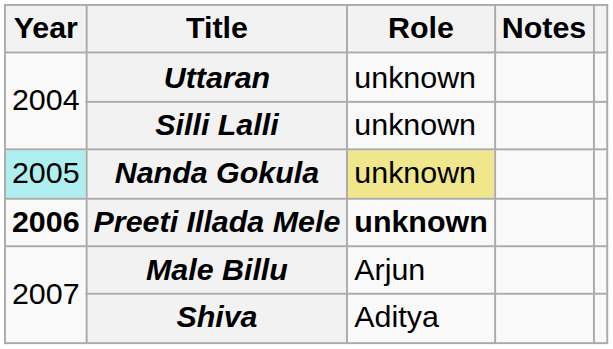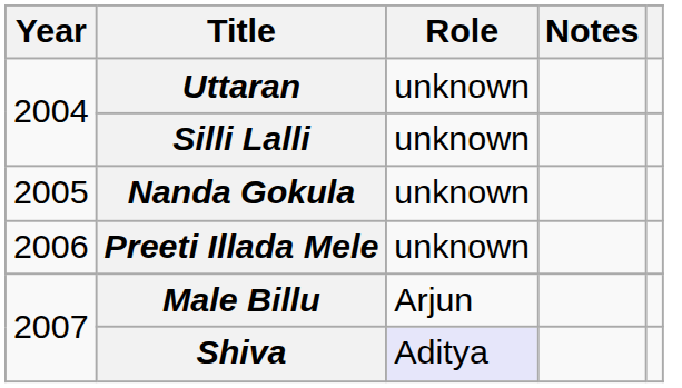 <table class="wikitable sortable plainrowheaders">
 <tr style="text-align:center;">
 <th scope="col">Year</th>
 <th scope="col">Title</th>
 <th scope="col">Role</th>
 <th class="unsortable" scope="col">Notes</th>
 <th class="unsortable" scope="col"></th>
 </tr>
 <tr>
 <td rowspan="2">2004</td>
 <th scope="row"><em>Uttaran</em></th>
 <td>unknown</td>
 <td></td>
 <td style="text-align: center;"></td>
 </tr>
 <tr>
 <th scope="row"><em>Silli Lalli</em></th>
 <td>unknown</td>
 <td></td>
 <td style="text-align: center;"></td>
 </tr>
 <tr>
-<td style="background: paleturquoise;">2005</td>
+<td>2005</td>
 <th scope="row"><em>Nanda Gokula</em></th>
-<td style="background: khaki;">unknown</td>
+<td>unknown</td>
 <td></td>
 <td style="text-align: center;"></td>
 </tr>
 <tr>
-<td><strong>2006</strong></td>
+<td>2006</td>
 <th scope="row"><em>Preeti Illada Mele</em></th>
-<td><strong>unknown</strong></td>
+<td>unknown</td>
 <td></td>
 <td style="text-align: center;"></td>
 </tr>
 <tr>
 <td rowspan="2">2007</td>
 <th scope="row"><em>Male Billu</em></th>
 <td>Arjun</td>
 <td></td>
 <td style="text-align: center;"></td>
 </tr>
 <tr>
 <th scope="row"><em>Shiva</em></th>
-<td>Aditya</td>
+<td style="background: lavender;">Aditya</td>
 <td></td>
 <td style="text-align: center;"></td>
 </tr>
 </table>
